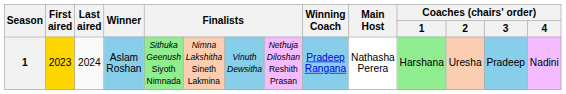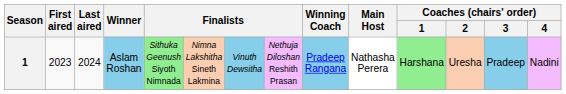 <table class="wikitable" style="text-align:center; font-size:90%; line-height:16px; width:100%;">
 <tr>
 <th rowspan="2" width="04%">Season</th>
 <th rowspan="2" width="07%">First aired</th>
 <th rowspan="2" width="07%">Last aired</th>
 <th rowspan="2" width="7%">Winner</th>
 <th colspan="4" rowspan="2" width="21%">Finalists</th>
 <th rowspan="2" width="07%">Winning Coach</th>
 <th colspan="1" rowspan="2" width="10%">Main Host</th>
 <th colspan="4" width="20%">Coaches (chairs' order)</th>
 </tr>
 <tr>
 <th style="width:06%">1</th>
 <th style="width:06%">2</th>
 <th style="width:06%">3</th>
 <th style="width:06%">4</th>
 </tr>
 <tr>
 <th>1</th>
-<td style="background: gold;"> 2023</td>
+<td> 2023</td>
 <td> 2024</td>
 <td style="background:#87ceeb;">Aslam Roshan</td>
 <td style="background:#90ee90;"><small><em>Sithuka Geenush</em></small><br><small>Siyoth Nimnada</small></td>
 <td style="background:#FBCEB1;"><small><em>Nimna Lakshitha</em></small><br><small>Sineth Lakmina</small></td>
 <td style="background:#87ceeb;"><small><em>Vinuth Dewsitha</em></small></td>
 <td style="background:#f4bbff;"><small><em>Nethuja Diloshan</em></small><br><small>Reshith Prasan</small></td>
 <td rowspan="1" style="background:#87ceeb"><a href='#'>Pradeep Rangana</a></td>
 <td rowspan="1" style="background:white;">Nathasha Perera</td>
 <td rowspan="1" style="background:#90ee90;">Harshana</td>
 <td rowspan="2" style="background:#FBCEB1;">Uresha</td>
 <td rowspan="2" style="background:#87ceeb;">Pradeep</td>
 <td rowspan="1" style="background:#f4bbff;">Nadini</td>
 </tr>
 </table>
